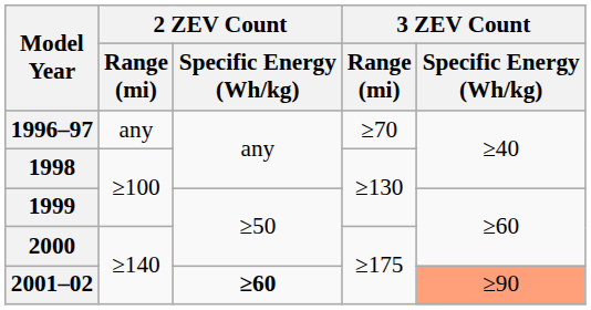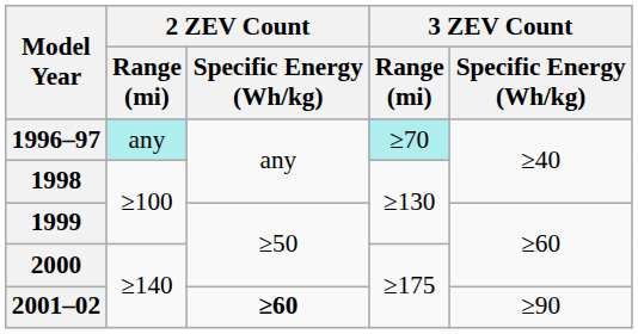 <table class="wikitable floatright collapsible" style="font-size:85%;text-align:center;width=10em;">
 <tr>
 <th rowspan=2>Model<br>Year</th>
 <th colspan=2>2 ZEV Count</th>
 <th colspan=2>3 ZEV Count</th>
 </tr>
 <tr>
 <th>Range<br>(mi)</th>
 <th>Specific Energy<br>(Wh/kg)</th>
 <th>Range<br>(mi)</th>
 <th>Specific Energy<br>(Wh/kg)</th>
 </tr>
 <tr>
 <th>1996–97</th>
-<td>any</td>
+<td style="background: paleturquoise;">any</td>
 <td rowspan=2>any</td>
-<td>≥70</td>
+<td style="background: paleturquoise;">≥70</td>
 <td rowspan=2>≥40</td>
 </tr>
 <tr>
 <th>1998</th>
 <td rowspan=2>≥100</td>
 <td rowspan=2>≥130</td>
 </tr>
 <tr>
 <th>1999</th>
 <td rowspan=2>≥50</td>
 <td rowspan=2>≥60</td>
 </tr>
 <tr>
 <th>2000</th>
 <td rowspan=2>≥140</td>
 <td rowspan=2>≥175</td>
 </tr>
 <tr>
 <th>2001–02</th>
 <td><strong>≥60</strong></td>
-<td style="background: lightsalmon;">≥90</td>
+<td>≥90</td>
 </tr>
 </table>
